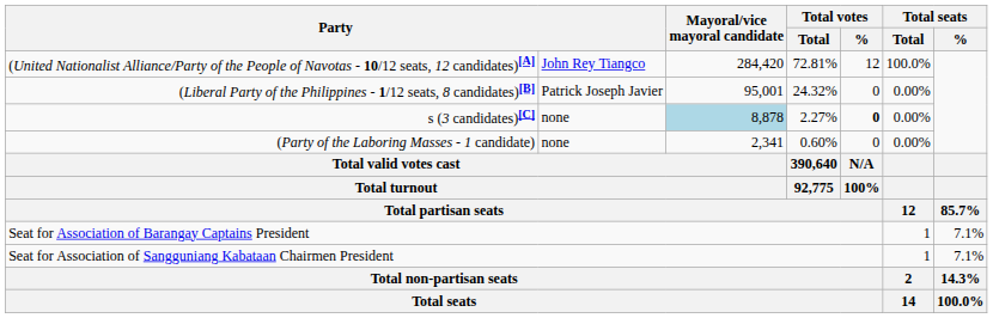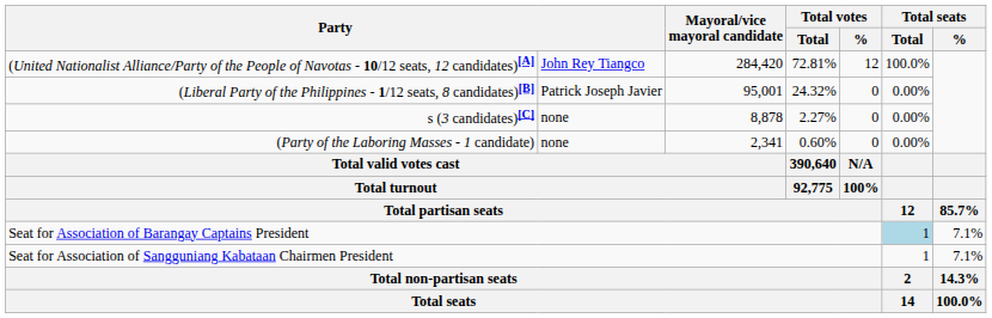 <table class=wikitable style="text-align:right">
 <tr>
 <th rowspan=2 colspan=2>Party</th>
 <th rowspan=2>Mayoral/vice<br>mayoral candidate</th>
 <th colspan=2>Total votes</th>
 <th colspan=2>Total seats</th>
 </tr>
 <tr>
 <th>Total</th>
 <th>%</th>
 <th>Total</th>
 <th>%</th>
 </tr>
 <tr>
 <td> (<em>United Nationalist Alliance/Party of the People of Navotas</em> - <strong>10</strong>/12 seats, <em>12</em> candidates)<sup><span></span><a href='#'><strong>[A]</strong></a></sup></td>
 <td align=left><a href='#'>John Rey Tiangco</a></td>
 <td>284,420</td>
 <td>72.81%</td>
 <td>12</td>
 <td>100.0%</td>
 </tr>
 <tr>
 <td> (<em>Liberal Party of the Philippines</em> - <strong>1</strong>/12 seats, <em>8</em> candidates)<sup><span></span><a href='#'><strong>[B]</strong></a></sup></td>
 <td align=left>Patrick Joseph Javier</td>
 <td>95,001</td>
 <td>24.32%</td>
 <td>0</td>
 <td>0.00%</td>
 </tr>
 <tr>
 <td>s  (<em>3</em> candidates)<sup><span></span><a href='#'><strong>[C]</strong></a></sup></td>
 <td align=left>none</td>
-<td style="background: lightblue;">8,878</td>
+<td>8,878</td>
 <td>2.27%</td>
-<td><strong>0</strong></td>
+<td>0</td>
 <td>0.00%</td>
 </tr>
 <tr>
 <td> (<em>Party of the Laboring Masses</em> - <em>1</em> candidate)</td>
 <td align=left>none</td>
 <td>2,341</td>
 <td>0.60%</td>
 <td>0</td>
 <td>0.00%</td>
 </tr>
 <tr>
 <th align=left colspan=3>Total valid votes cast</th>
 <th>390,640</th>
 <th>N/A</th>
 <th></th>
 <th></th>
 </tr>
 <tr>
 <th align=left colspan=3>Total turnout</th>
 <th>92,775</th>
 <th>100%</th>
 <th></th>
 <th></th>
 </tr>
 <tr>
 <th align=left colspan=5>Total partisan seats</th>
 <th>12</th>
 <th>85.7%</th>
 </tr>
 <tr>
 <td align=left colspan=5>Seat for <a href='#'>Association of Barangay Captains</a> President</td>
-<td>1</td>
+<td style="background: lightblue;">1</td>
 <td>7.1%</td>
 </tr>
 <tr>
 <td align=left colspan=5>Seat for Association of <a href='#'>Sangguniang Kabataan</a> Chairmen President</td>
 <td>1</td>
 <td>7.1%</td>
 </tr>
 <tr>
 <th align=left colspan=5>Total non-partisan seats</th>
 <th>2</th>
 <th>14.3%</th>
 </tr>
 <tr>
 <th colspan=5>Total seats</th>
 <th>14</th>
 <th>100.0%</th>
 </tr>
 </table>
